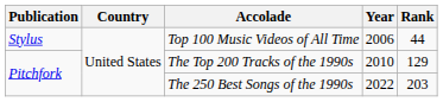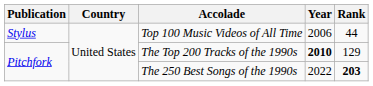 <table class="wikitable">
 <tr>
 <th>Publication</th>
 <th>Country</th>
 <th>Accolade</th>
 <th>Year</th>
 <th>Rank</th>
 </tr>
 <tr>
 <td rowspan=1><em><a href='#'>Stylus</a></em></td>
 <td rowspan=3>United States</td>
 <td><em>Top 100 Music Videos of All Time</em></td>
 <td>2006</td>
 <td align="center">44</td>
 </tr>
 <tr>
 <td rowspan="2"><em><a href='#'>Pitchfork</a></em></td>
 <td><em>The Top 200 Tracks of the 1990s</em></td>
-<td>2010</td>
+<td><strong>2010</strong></td>
 <td align="center">129</td>
 </tr>
 <tr>
 <td><em>The 250 Best Songs of the 1990s</em></td>
 <td>2022</td>
-<td align="center">203</td>
+<td align="center"><strong>203</strong></td>
 </tr>
 </table>
